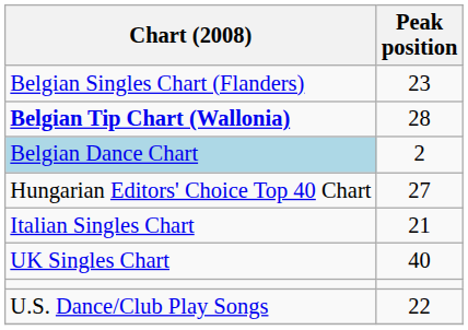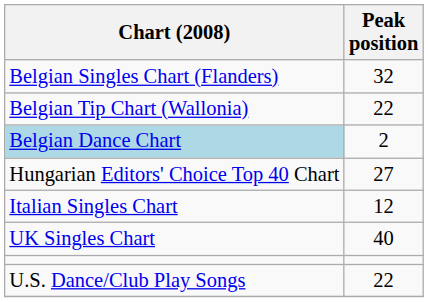 <table class="wikitable sortable">
 <tr>
 <th>Chart (2008)</th>
 <th>Peak<br>position</th>
 </tr>
 <tr>
 <td><a href='#'>Belgian Singles Chart (Flanders)</a></td>
-<td align="center">23</td>
+<td align="center">32</td>
 </tr>
 <tr>
-<td><strong><a href='#'>Belgian Tip Chart (Wallonia)</a></strong></td>
-<td align="center">28</td>
+<td><a href='#'>Belgian Tip Chart (Wallonia)</a></td>
+<td align="center">22</td>
 </tr>
 <tr>
 <td style="background: lightblue;"><a href='#'>Belgian Dance Chart</a></td>
 <td align="center">2</td>
 </tr>
 <tr>
 <td>Hungarian <a href='#'>Editors' Choice Top 40</a> Chart</td>
 <td align="center">27</td>
 </tr>
 <tr>
 <td><a href='#'>Italian Singles Chart</a></td>
-<td align="center">21</td>
+<td align="center">12</td>
 </tr>
 <tr>
 <td><a href='#'>UK Singles Chart</a></td>
 <td align="center">40</td>
 </tr>
 <tr>
 <td></td>
 </tr>
 <tr>
 <td>U.S. <a href='#'>Dance/Club Play Songs</a></td>
 <td align="center">22</td>
 </tr>
 <tr>
 </tr>
 </table>
